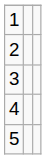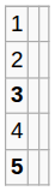 <table class="wikitable" style="display: inline-table;">
 <tr align="center">
 </tr>
 <tr align="center">
 <td>1</td>
 <td></td>
 <td></td>
 </tr>
 <tr align="center">
 <td>2</td>
 <td></td>
 <td></td>
 </tr>
 <tr align="center">
-<td>3</td>
+<td><strong>3</strong></td>
 <td></td>
 <td></td>
 </tr>
 <tr align="center">
 <td>4</td>
 <td></td>
 <td></td>
 </tr>
 <tr align="center">
-<td>5</td>
+<td><strong>5</strong></td>
 <td></td>
 <td></td>
 </tr>
 </table>
